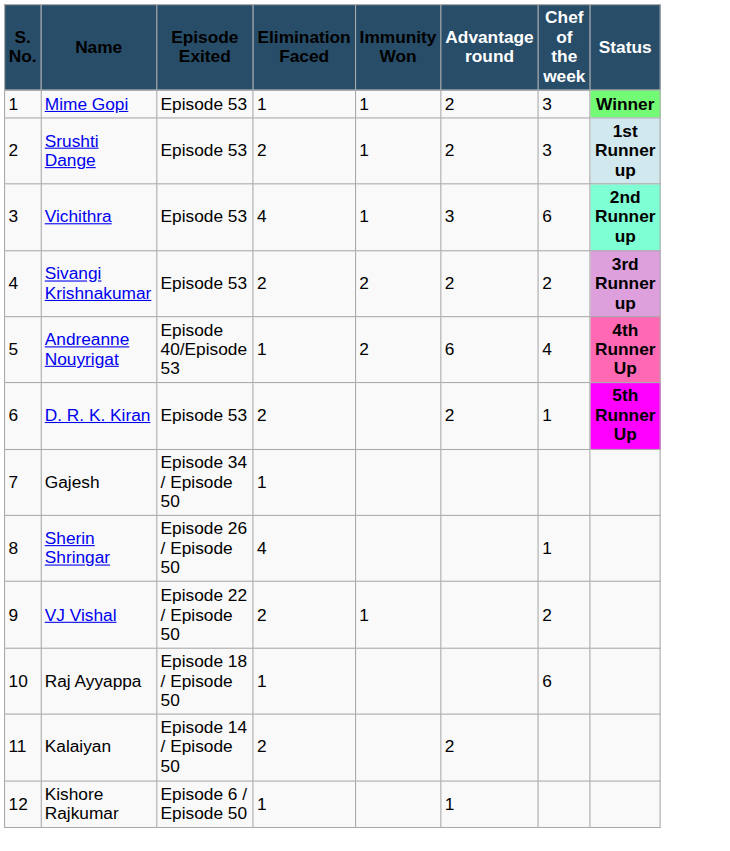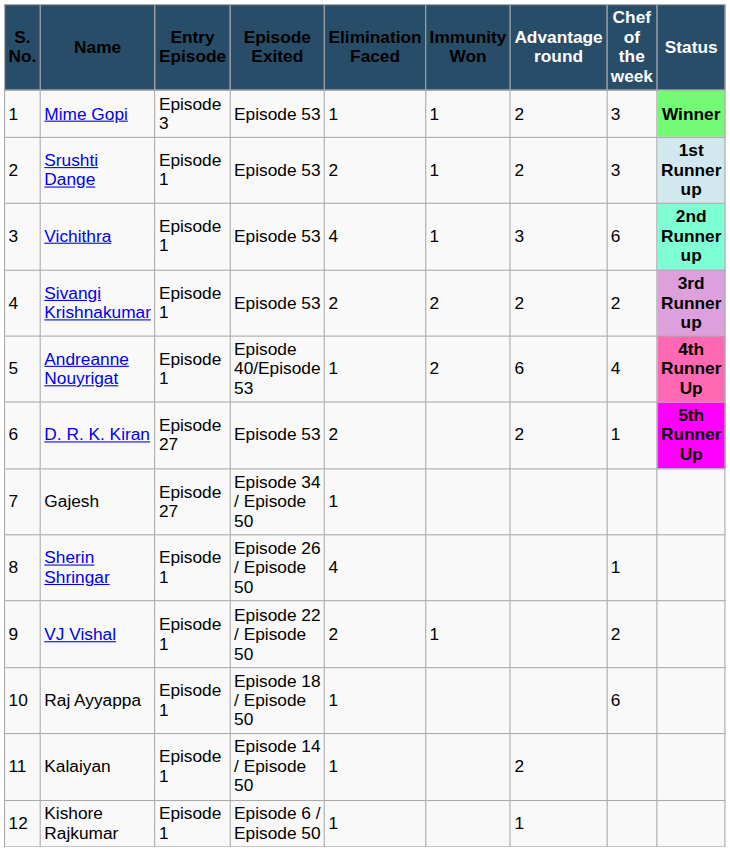 <table class="wikitable" style="align:center;">
 <tr>
 <th scope="col" style="background:#284D68;"style="background:#284D68;color:white">S. No.</th>
 <th scope="col" style="background:#284D68;"style="background:#284D68;color:white">Name</th>
+<th scope="col" style="background:#284D68;"style="background:#284D68;color:white">Entry Episode</th>
 <th scope="col" style="background:#284D68;"style="background:#284D68;color:white">Episode Exited</th>
 <th scope="col" style="background:#284D68;"style="background:#284D68;color:white">Elimination Faced</th>
 <th scope="col" style="background:#284D68;"style="background:#284D68;color:white">Immunity Won</th>
 <th scope="col" style="background:#284D68;color:white">Advantage round</th>
 <th scope="col" style="background:#284D68;color:white">Chef of the week</th>
 <th scope="col" style="background:#284D68;color:white">Status</th>
 </tr>
 <tr>
 <td>1</td>
 <td><a href='#'>Mime Gopi</a></td>
+<td>Episode 3</td>
 <td>Episode 53</td>
 <td>1</td>
 <td>1</td>
 <td>2</td>
 <td>3</td>
 <td style="background:#73FB76; text-align:center;"><strong>Winner</strong></td>
 </tr>
 <tr>
 <td>2</td>
 <td><a href='#'>Srushti Dange</a></td>
+<td>Episode 1</td>
 <td>Episode 53</td>
 <td>2</td>
 <td>1</td>
 <td>2</td>
 <td>3</td>
 <td style="background:#D1E8EF; text-align:center;"><strong>1st Runner up</strong></td>
 </tr>
 <tr>
 <td>3</td>
 <td><a href='#'>Vichithra</a></td>
+<td>Episode 1</td>
 <td>Episode 53</td>
 <td>4</td>
 <td>1</td>
 <td>3</td>
 <td>6</td>
 <td Style="background:#7FFFD4; text-align:center;"><strong>2nd Runner up</strong></td>
 </tr>
 <tr>
 <td>4</td>
 <td><a href='#'>Sivangi Krishnakumar</a></td>
+<td>Episode 1</td>
 <td>Episode 53</td>
 <td>2</td>
 <td>2</td>
 <td>2</td>
 <td>2</td>
 <td style="background:#DDA0DD; text-align:center;"><strong> 3rd Runner up</strong></td>
 </tr>
 <tr>
 <td>5</td>
 <td><a href='#'>Andreanne Nouyrigat</a></td>
+<td>Episode 1</td>
 <td>Episode 40/Episode 53</td>
 <td>1</td>
 <td>2</td>
 <td>6</td>
 <td>4</td>
 <td Style="background:#FF69B4; text-align:center;"><strong>4th Runner Up</strong></td>
 </tr>
 <tr>
 <td>6</td>
 <td><a href='#'>D. R. K. Kiran</a></td>
+<td>Episode 27</td>
 <td>Episode 53</td>
 <td>2</td>
 <td></td>
 <td>2</td>
 <td>1</td>
 <td style="background:#FF00FF; text-align:center;"><strong>5th Runner Up</strong></td>
 </tr>
 <tr>
 <td>7</td>
 <td>Gajesh</td>
+<td>Episode 27</td>
 <td>Episode 34 / Episode 50</td>
 <td>1</td>
 <td></td>
 <td></td>
 <td></td>
 <td></td>
 </tr>
 <tr>
 <td>8</td>
 <td><a href='#'>Sherin Shringar</a></td>
+<td>Episode 1</td>
 <td>Episode 26 / Episode 50</td>
 <td>4</td>
 <td></td>
 <td></td>
 <td>1</td>
 <td></td>
 </tr>
 <tr>
 <td>9</td>
 <td><a href='#'>VJ Vishal</a></td>
+<td>Episode 1</td>
 <td>Episode 22 / Episode 50</td>
 <td>2</td>
 <td>1</td>
 <td></td>
 <td>2</td>
 <td></td>
 </tr>
 <tr>
 <td>10</td>
 <td>Raj Ayyappa</td>
+<td>Episode 1</td>
 <td>Episode 18 / Episode 50</td>
 <td>1</td>
 <td></td>
 <td></td>
 <td>6</td>
 <td></td>
 </tr>
 <tr>
 <td>11</td>
 <td>Kalaiyan</td>
+<td>Episode 1</td>
 <td>Episode 14 / Episode 50</td>
-<td>2</td>
+<td>1</td>
 <td></td>
 <td>2</td>
 <td></td>
 <td></td>
 </tr>
 <tr>
 <td>12</td>
 <td>Kishore Rajkumar</td>
+<td>Episode 1</td>
 <td>Episode 6 / Episode 50</td>
 <td>1</td>
 <td></td>
 <td>1</td>
 <td></td>
 <td></td>
 </tr>
 </table>
